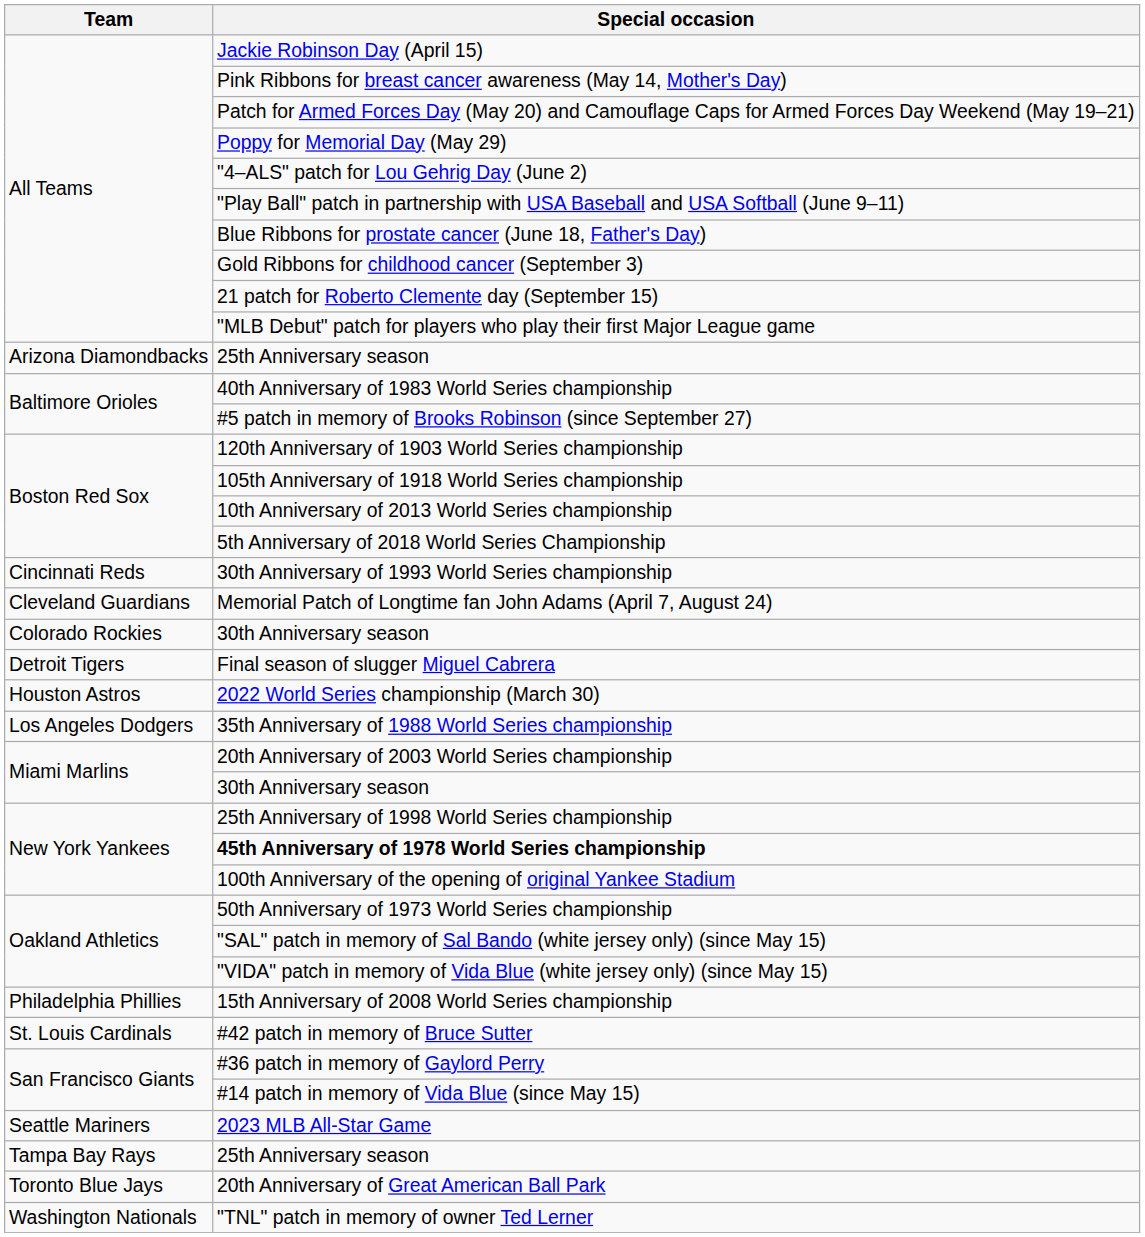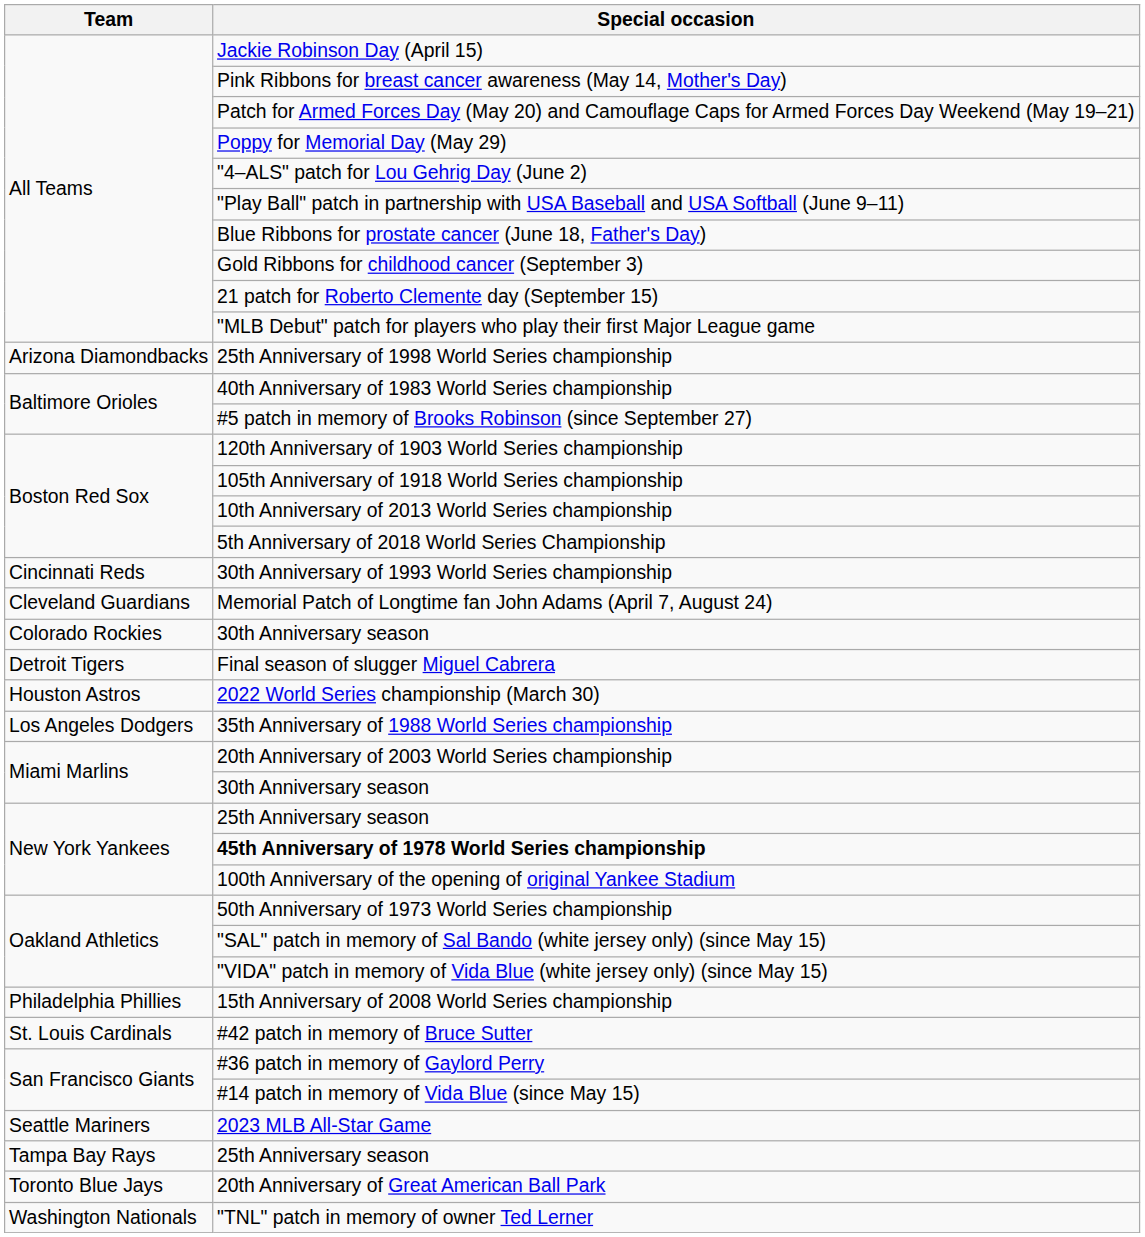 <table class="wikitable">
 <tr>
 <th>Team</th>
 <th>Special occasion</th>
 </tr>
 <tr>
 <td rowspan="10">All Teams</td>
 <td><a href='#'>Jackie Robinson Day</a> (April 15)</td>
 </tr>
 <tr>
 <td>Pink Ribbons for <a href='#'>breast cancer</a> awareness (May 14, <a href='#'>Mother's Day</a>)</td>
 </tr>
 <tr>
 <td>Patch for <a href='#'>Armed Forces Day</a> (May 20) and Camouflage Caps for Armed Forces Day Weekend (May 19–21)</td>
 </tr>
 <tr>
 <td><a href='#'>Poppy</a> for <a href='#'>Memorial Day</a> (May 29)</td>
 </tr>
 <tr>
 <td>"4–ALS" patch for <a href='#'>Lou Gehrig Day</a> (June 2)</td>
 </tr>
 <tr>
 <td>"Play Ball" patch in partnership with <a href='#'>USA Baseball</a> and <a href='#'>USA Softball</a> (June 9–11)</td>
 </tr>
 <tr>
 <td>Blue Ribbons for <a href='#'>prostate cancer</a> (June 18, <a href='#'>Father's Day</a>)</td>
 </tr>
 <tr>
 <td>Gold Ribbons for <a href='#'>childhood cancer</a> (September 3)</td>
 </tr>
 <tr>
 <td>21 patch for <a href='#'>Roberto Clemente</a> day (September 15)</td>
 </tr>
 <tr>
 <td>"MLB Debut" patch for players who play their first Major League game</td>
 </tr>
 <tr>
 <td>Arizona Diamondbacks</td>
-<td>25th Anniversary season</td>
+<td>25th Anniversary of 1998 World Series championship</td>
 </tr>
 <tr>
 <td rowspan="2">Baltimore Orioles</td>
 <td>40th Anniversary of 1983 World Series championship</td>
 </tr>
 <tr>
 <td>#5 patch in memory of <a href='#'>Brooks Robinson</a> (since September 27)</td>
 </tr>
 <tr>
 <td rowspan="4">Boston Red Sox</td>
 <td>120th Anniversary of 1903 World Series championship</td>
 </tr>
 <tr>
 <td>105th Anniversary of 1918 World Series championship</td>
 </tr>
 <tr>
 <td>10th Anniversary of 2013 World Series championship</td>
 </tr>
 <tr>
 <td>5th Anniversary of 2018 World Series Championship</td>
 </tr>
 <tr>
 <td>Cincinnati Reds</td>
 <td>30th Anniversary of 1993 World Series championship</td>
 </tr>
 <tr>
 <td>Cleveland Guardians</td>
 <td>Memorial Patch of Longtime fan John Adams (April 7, August 24)</td>
 </tr>
 <tr>
 <td>Colorado Rockies</td>
 <td>30th Anniversary season</td>
 </tr>
 <tr>
 <td>Detroit Tigers</td>
 <td>Final season of slugger <a href='#'>Miguel Cabrera</a></td>
 </tr>
 <tr>
 <td>Houston Astros</td>
 <td><a href='#'>2022 World Series</a> championship (March 30)</td>
 </tr>
 <tr>
 <td>Los Angeles Dodgers</td>
 <td>35th Anniversary of <a href='#'>1988 World Series championship</a></td>
 </tr>
 <tr>
 <td rowspan="2">Miami Marlins</td>
 <td>20th Anniversary of 2003 World Series championship</td>
 </tr>
 <tr>
 <td>30th Anniversary season</td>
 </tr>
 <tr>
 <td rowspan="3">New York Yankees</td>
-<td>25th Anniversary of 1998 World Series championship</td>
+<td>25th Anniversary season</td>
 </tr>
 <tr>
 <td><strong>45th Anniversary of 1978 World Series championship</strong></td>
 </tr>
 <tr>
 <td>100th Anniversary of the opening of <a href='#'>original Yankee Stadium</a></td>
 </tr>
 <tr>
 <td rowspan="3">Oakland Athletics</td>
 <td>50th Anniversary of 1973 World Series championship</td>
 </tr>
 <tr>
 <td>"SAL" patch in memory of <a href='#'>Sal Bando</a> (white jersey only) (since May 15)</td>
 </tr>
 <tr>
 <td>"VIDA" patch in memory of <a href='#'>Vida Blue</a> (white jersey only) (since May 15)</td>
 </tr>
 <tr>
 <td>Philadelphia Phillies</td>
 <td>15th Anniversary of 2008 World Series championship</td>
 </tr>
 <tr>
 <td>St. Louis Cardinals</td>
 <td>#42 patch in memory of <a href='#'>Bruce Sutter</a></td>
 </tr>
 <tr>
 <td rowspan="2">San Francisco Giants</td>
 <td>#36 patch in memory of <a href='#'>Gaylord Perry</a></td>
 </tr>
 <tr>
 <td>#14 patch in memory of <a href='#'>Vida Blue</a> (since May 15)</td>
 </tr>
 <tr>
 <td>Seattle Mariners</td>
 <td><a href='#'>2023 MLB All-Star Game</a></td>
 </tr>
 <tr>
 <td>Tampa Bay Rays</td>
 <td>25th Anniversary season</td>
 </tr>
 <tr>
 <td>Toronto Blue Jays</td>
 <td>20th Anniversary of <a href='#'>Great American Ball Park</a></td>
 </tr>
 <tr>
 <td>Washington Nationals</td>
 <td>"TNL" patch in memory of owner <a href='#'>Ted Lerner</a></td>
 </tr>
 </table>
